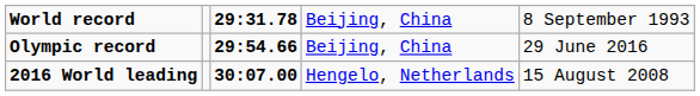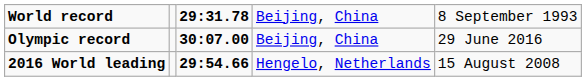 <table class="wikitable">
 <tr>
 <td><strong>World record</strong></td>
 <td></td>
 <td><strong>29:31.78</strong></td>
 <td><a href='#'>Beijing</a>, <a href='#'>China</a></td>
 <td>8 September 1993</td>
 </tr>
 <tr>
 <td><strong>Olympic record</strong></td>
 <td></td>
-<td><strong>29:54.66</strong></td>
+<td><strong>30:07.00</strong></td>
 <td><a href='#'>Beijing</a>, <a href='#'>China</a></td>
 <td>29 June 2016</td>
 </tr>
 <tr>
 <td><strong>2016 World leading</strong></td>
 <td></td>
-<td><strong>30:07.00</strong></td>
+<td><strong>29:54.66</strong></td>
 <td><a href='#'>Hengelo</a>, <a href='#'>Netherlands</a></td>
 <td>15 August 2008</td>
 </tr>
 </table>
